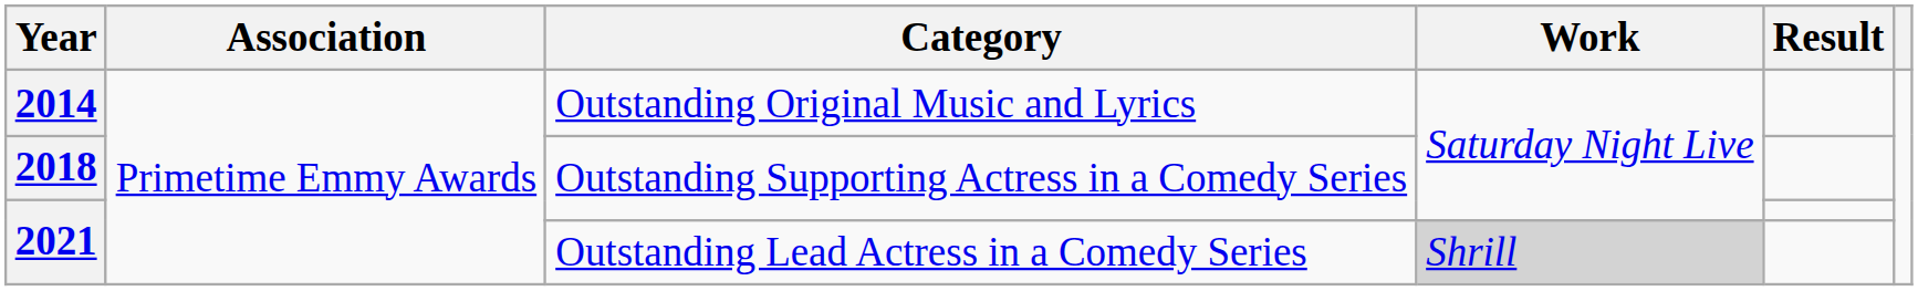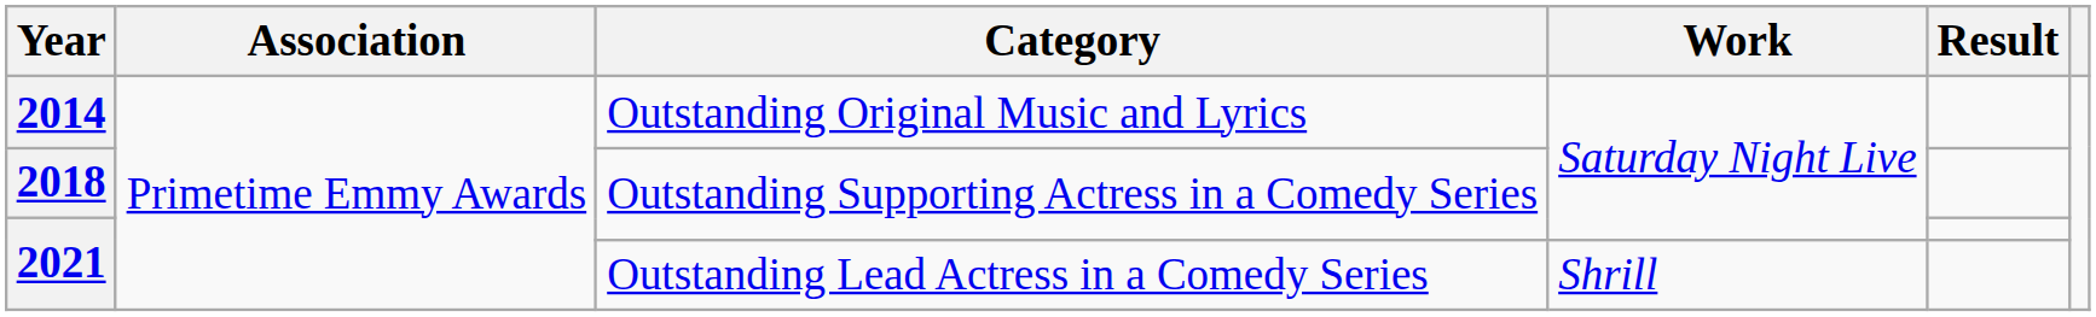 <table class="wikitable plainrowheaders">
 <tr>
 <th>Year</th>
 <th>Association</th>
 <th>Category</th>
 <th>Work</th>
 <th>Result</th>
 <th></th>
 </tr>
 <tr>
 <th scope="row"><a href='#'>2014</a></th>
 <td rowspan="4"><a href='#'>Primetime Emmy Awards</a></td>
 <td><a href='#'>Outstanding Original Music and Lyrics</a></td>
 <td rowspan="3"><em><a href='#'>Saturday Night Live</a></em></td>
 <td></td>
 <td rowspan="4"></td>
 </tr>
 <tr>
 <th scope="row"><a href='#'>2018</a></th>
 <td rowspan="2"><a href='#'>Outstanding Supporting Actress in a Comedy Series</a></td>
 <td></td>
 </tr>
 <tr>
 <th scope="row" rowspan="2"><a href='#'>2021</a></th>
 <td></td>
 </tr>
 <tr>
 <td><a href='#'>Outstanding Lead Actress in a Comedy Series</a></td>
-<td rowspan="1" style="background: lightgrey;"><em><a href='#'>Shrill</a></em></td>
+<td rowspan="1"><em><a href='#'>Shrill</a></em></td>
 <td></td>
 </tr>
 </table>
